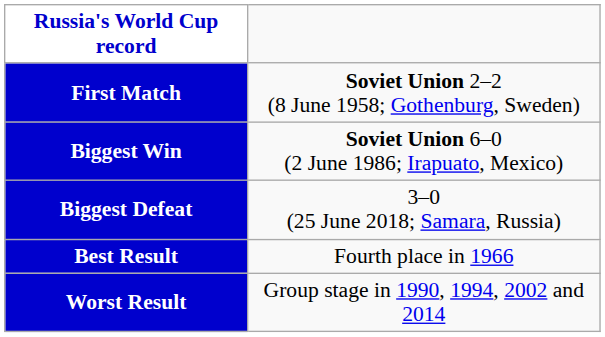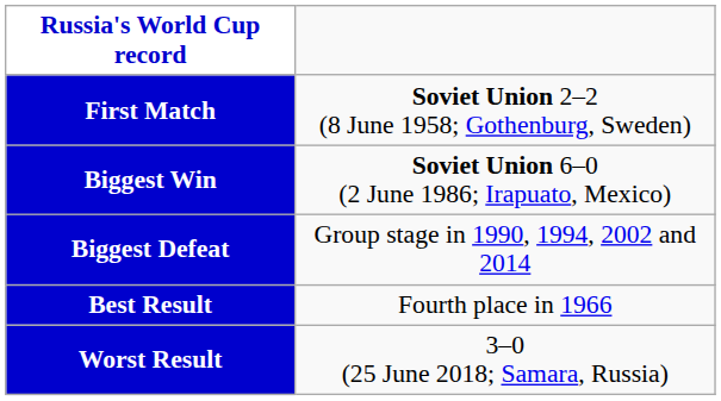 <table class="wikitable collapsible collapsed" style="width:50%;text-align:center">
 <tr>
 <th style="background:white; color:#0000CD; ">Russia's World Cup record</th>
 </tr>
 <tr>
 <th style="background:#0000CD; color:white; ">First Match</th>
 <td> <strong>Soviet Union</strong> 2–2 <br> (8 June 1958; <a href='#'>Gothenburg</a>, Sweden)</td>
 </tr>
 <tr>
 <th style="background:#0000CD; color:white; ">Biggest Win</th>
 <td> <strong>Soviet Union</strong> 6–0 <br> (2 June 1986; <a href='#'>Irapuato</a>, Mexico)</td>
 </tr>
 <tr>
 <th style="background:#0000CD; color:white; ">Biggest Defeat</th>
-<td> 3–0 <br> (25 June 2018; <a href='#'>Samara</a>, Russia)</td>
+<td>Group stage in <a href='#'>1990</a>, <a href='#'>1994</a>, <a href='#'>2002</a> and <a href='#'>2014</a></td>
 </tr>
 <tr>
 <th style="background:#0000CD; color:white; ">Best Result</th>
 <td>Fourth place in <a href='#'>1966</a></td>
 </tr>
 <tr>
 <th style="background:#0000CD; color:white; ">Worst Result</th>
-<td>Group stage in <a href='#'>1990</a>, <a href='#'>1994</a>, <a href='#'>2002</a> and <a href='#'>2014</a></td>
+<td> 3–0 <br> (25 June 2018; <a href='#'>Samara</a>, Russia)</td>
 </tr>
 </table>
